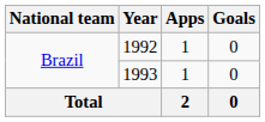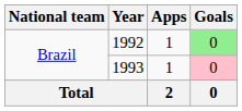 <table class="wikitable" style="text-align:center">
 <tr>
 <th>National team</th>
 <th>Year</th>
 <th>Apps</th>
 <th>Goals</th>
 </tr>
 <tr>
 <td rowspan="2"><a href='#'>Brazil</a></td>
 <td>1992</td>
 <td>1</td>
-<td>0</td>
+<td style="background: lightgreen;">0</td>
 </tr>
 <tr>
 <td>1993</td>
 <td>1</td>
-<td>0</td>
+<td style="background: pink;">0</td>
 </tr>
 <tr>
 <th colspan=2>Total</th>
 <th>2</th>
 <th>0</th>
 </tr>
 </table>
